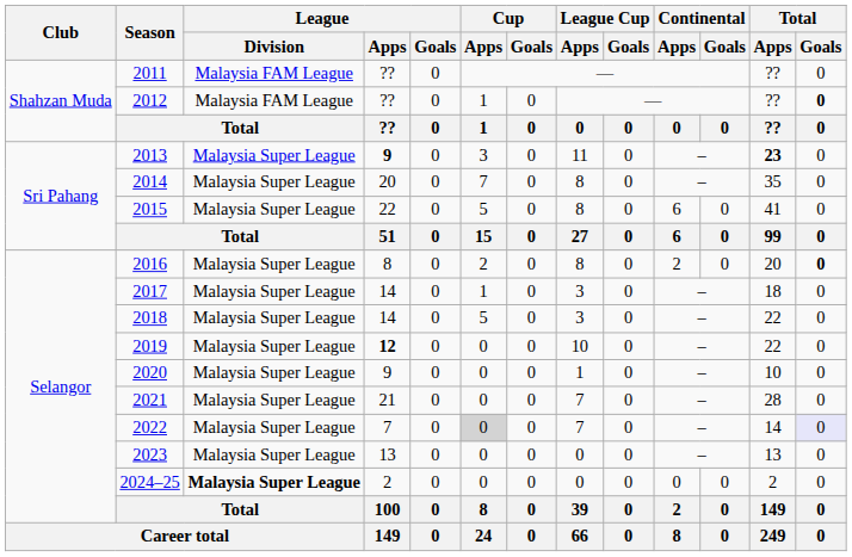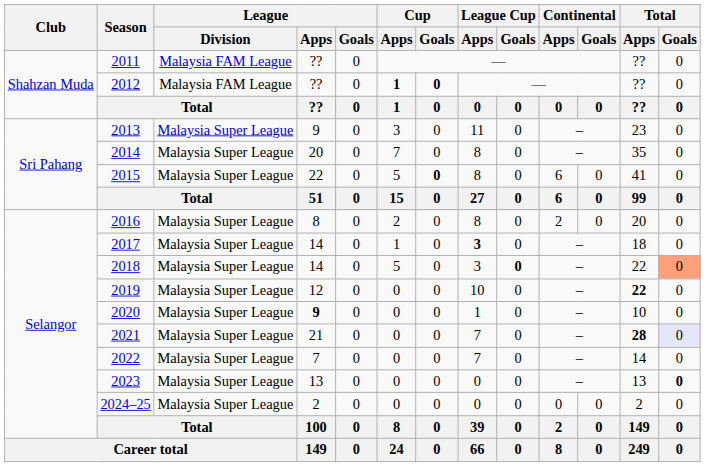 <table class="wikitable" style="text-align:center">
 <tr>
 <th rowspan="2">Club</th>
 <th rowspan="2">Season</th>
 <th colspan="3">League</th>
 <th colspan="2">Cup</th>
 <th colspan="2">League Cup</th>
 <th colspan="2">Continental</th>
 <th colspan="2">Total</th>
 </tr>
 <tr>
 <th>Division</th>
 <th>Apps</th>
 <th>Goals</th>
 <th>Apps</th>
 <th>Goals</th>
 <th>Apps</th>
 <th>Goals</th>
 <th>Apps</th>
 <th>Goals</th>
 <th>Apps</th>
 <th>Goals</th>
 </tr>
 <tr>
 <td rowspan="3" valign="center"><a href='#'>Shahzan Muda</a></td>
 <td><a href='#'>2011</a></td>
 <td><a href='#'>Malaysia FAM League</a></td>
 <td>??</td>
 <td>0</td>
 <td colspan=6>—</td>
 <td>??</td>
 <td>0</td>
 </tr>
 <tr>
 <td><a href='#'>2012</a></td>
 <td>Malaysia FAM League</td>
 <td>??</td>
 <td>0</td>
-<td>1</td>
-<td>0</td>
+<td><strong>1</strong></td>
+<td><strong>0</strong></td>
 <td colspan=4>—</td>
 <td>??</td>
-<td><strong>0</strong></td>
+<td>0</td>
 </tr>
 <tr>
 <th colspan=2>Total</th>
 <th>??</th>
 <th>0</th>
 <th>1</th>
 <th>0</th>
 <th>0</th>
 <th>0</th>
 <th>0</th>
 <th>0</th>
 <th>??</th>
 <th>0</th>
 </tr>
 <tr>
 <td rowspan="4" valign="center"><a href='#'>Sri Pahang</a></td>
 <td><a href='#'>2013</a></td>
 <td><a href='#'>Malaysia Super League</a></td>
-<td><strong>9</strong></td>
+<td>9</td>
 <td>0</td>
 <td>3</td>
 <td>0</td>
 <td>11</td>
 <td>0</td>
 <td colspan="2">–</td>
-<td><strong>23</strong></td>
+<td>23</td>
 <td>0</td>
 </tr>
 <tr>
 <td><a href='#'>2014</a></td>
 <td>Malaysia Super League</td>
 <td>20</td>
 <td>0</td>
 <td>7</td>
 <td>0</td>
 <td>8</td>
 <td>0</td>
 <td colspan="2">–</td>
 <td>35</td>
 <td>0</td>
 </tr>
 <tr>
 <td><a href='#'>2015</a></td>
 <td>Malaysia Super League</td>
 <td>22</td>
 <td>0</td>
 <td>5</td>
-<td>0</td>
+<td><strong>0</strong></td>
 <td>8</td>
 <td>0</td>
 <td>6</td>
 <td>0</td>
 <td>41</td>
 <td>0</td>
 </tr>
 <tr>
 <th colspan=2>Total</th>
 <th>51</th>
 <th>0</th>
 <th>15</th>
 <th>0</th>
 <th>27</th>
 <th>0</th>
 <th>6</th>
 <th>0</th>
 <th>99</th>
 <th>0</th>
 </tr>
 <tr>
 <td rowspan="10" valign="center"><a href='#'>Selangor</a></td>
 <td><a href='#'>2016</a></td>
 <td>Malaysia Super League</td>
 <td>8</td>
 <td>0</td>
 <td>2</td>
 <td>0</td>
 <td>8</td>
 <td>0</td>
 <td>2</td>
 <td>0</td>
 <td>20</td>
-<td><strong>0</strong></td>
+<td>0</td>
 </tr>
 <tr>
 <td><a href='#'>2017</a></td>
 <td>Malaysia Super League</td>
 <td>14</td>
 <td>0</td>
 <td>1</td>
 <td>0</td>
-<td>3</td>
+<td><strong>3</strong></td>
 <td>0</td>
 <td colspan="2">–</td>
 <td>18</td>
 <td>0</td>
 </tr>
 <tr>
 <td><a href='#'>2018</a></td>
 <td>Malaysia Super League</td>
 <td>14</td>
 <td>0</td>
 <td>5</td>
 <td>0</td>
 <td>3</td>
-<td>0</td>
+<td><strong>0</strong></td>
 <td colspan="2">–</td>
 <td>22</td>
-<td>0</td>
+<td style="background: lightsalmon;">0</td>
 </tr>
 <tr>
 <td><a href='#'>2019</a></td>
 <td>Malaysia Super League</td>
-<td><strong>12</strong></td>
+<td>12</td>
 <td>0</td>
 <td>0</td>
 <td>0</td>
 <td>10</td>
 <td>0</td>
 <td colspan="2">–</td>
-<td>22</td>
+<td><strong>22</strong></td>
 <td>0</td>
 </tr>
 <tr>
 <td><a href='#'>2020</a></td>
 <td>Malaysia Super League</td>
-<td>9</td>
+<td><strong>9</strong></td>
 <td>0</td>
 <td>0</td>
 <td>0</td>
 <td>1</td>
 <td>0</td>
 <td colspan="2">–</td>
 <td>10</td>
 <td>0</td>
 </tr>
 <tr>
 <td><a href='#'>2021</a></td>
 <td>Malaysia Super League</td>
 <td>21</td>
 <td>0</td>
 <td>0</td>
 <td>0</td>
 <td>7</td>
 <td>0</td>
 <td colspan="2">–</td>
-<td>28</td>
-<td>0</td>
+<td><strong>28</strong></td>
+<td style="background: lavender;">0</td>
 </tr>
 <tr>
 <td><a href='#'>2022</a></td>
 <td>Malaysia Super League</td>
 <td>7</td>
 <td>0</td>
-<td style="background: lightgrey;">0</td>
+<td>0</td>
 <td>0</td>
 <td>7</td>
 <td>0</td>
 <td colspan="2">–</td>
 <td>14</td>
-<td style="background: lavender;">0</td>
+<td>0</td>
 </tr>
 <tr>
 <td><a href='#'>2023</a></td>
 <td>Malaysia Super League</td>
 <td>13</td>
 <td>0</td>
 <td>0</td>
 <td>0</td>
 <td>0</td>
 <td>0</td>
 <td colspan="2">–</td>
 <td>13</td>
-<td>0</td>
+<td><strong>0</strong></td>
 </tr>
 <tr>
 <td><a href='#'>2024–25</a></td>
-<td><strong>Malaysia Super League</strong></td>
+<td>Malaysia Super League</td>
 <td>2</td>
 <td>0</td>
 <td>0</td>
 <td>0</td>
 <td>0</td>
 <td>0</td>
 <td>0</td>
 <td>0</td>
 <td>2</td>
 <td>0</td>
 </tr>
 <tr>
 <th colspan=2>Total</th>
 <th>100</th>
 <th>0</th>
 <th>8</th>
 <th>0</th>
 <th>39</th>
 <th>0</th>
 <th>2</th>
 <th>0</th>
 <th>149</th>
 <th>0</th>
 </tr>
 <tr>
 <th colspan=3>Career total</th>
 <th>149</th>
 <th>0</th>
 <th>24</th>
 <th>0</th>
 <th>66</th>
 <th>0</th>
 <th>8</th>
 <th>0</th>
 <th>249</th>
 <th>0</th>
 </tr>
 </table>
